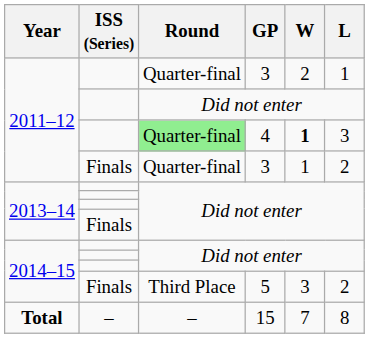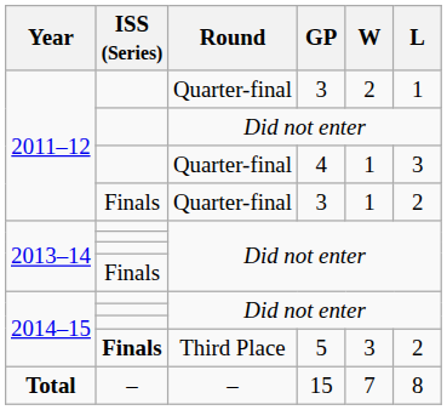 <table class="wikitable" style="text-align: center; font-size:95%;">
 <tr>
 <th>Year</th>
 <th>ISS<br><small>(Series)</small></th>
 <th>Round</th>
 <th width=25>GP</th>
 <th width=25>W</th>
 <th width=25>L</th>
 </tr>
 <tr>
 <td rowspan=4><a href='#'>2011–12</a></td>
 <td></td>
 <td>Quarter-final</td>
 <td>3</td>
 <td>2</td>
 <td>1</td>
 </tr>
 <tr>
 <td></td>
 <td colspan=4><em>Did not enter</em></td>
 </tr>
 <tr>
 <td></td>
-<td style="background: lightgreen;">Quarter-final</td>
+<td>Quarter-final</td>
 <td>4</td>
-<td><strong>1</strong></td>
+<td>1</td>
 <td>3</td>
 </tr>
 <tr>
 <td> Finals</td>
 <td>Quarter-final</td>
 <td>3</td>
 <td>1</td>
 <td>2</td>
 </tr>
 <tr>
 <td rowspan=4><a href='#'>2013–14</a></td>
 <td></td>
 <td colspan=4 rowspan=4><em>Did not enter</em></td>
 </tr>
 <tr>
 <td></td>
 </tr>
 <tr>
 <td></td>
 </tr>
 <tr>
 <td> Finals</td>
 </tr>
 <tr>
 <td rowspan=4><a href='#'>2014–15</a></td>
 <td></td>
 <td colspan=4 rowspan=3><em>Did not enter</em></td>
 </tr>
 <tr>
 <td></td>
 </tr>
 <tr>
 <td></td>
 </tr>
 <tr>
-<td> Finals</td>
+<td><strong> Finals</strong></td>
 <td> Third Place</td>
 <td>5</td>
 <td>3</td>
 <td>2</td>
 </tr>
 <tr>
 <td><strong>Total</strong></td>
 <td>–</td>
 <td>–</td>
 <td>15</td>
 <td>7</td>
 <td>8</td>
 </tr>
 </table>
